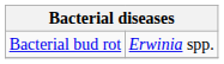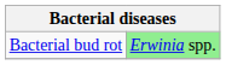 <table class="wikitable" style="clear">
 <tr>
 <th colspan=2><strong>Bacterial diseases</strong></th>
 </tr>
 <tr>
 <td><a href='#'>Bacterial bud rot</a></td>
-<td><em><a href='#'>Erwinia</a></em> spp.</td>
+<td style="background: lightgreen;"><em><a href='#'>Erwinia</a></em> spp.</td>
 </tr>
 <tr>
 </tr>
 </table>
